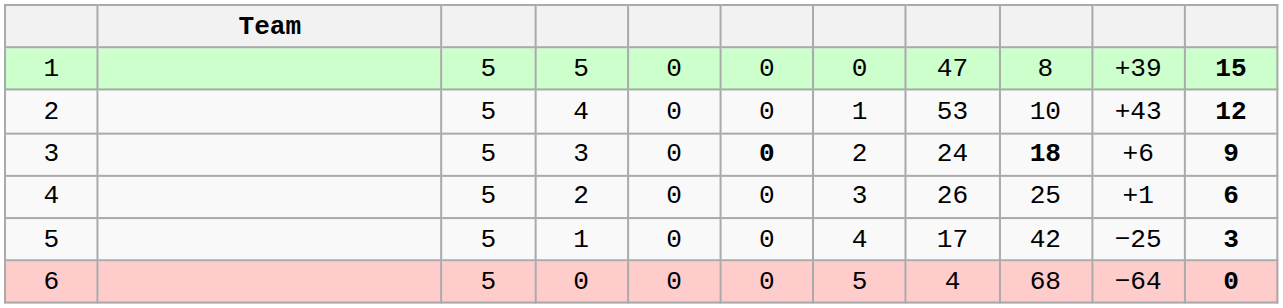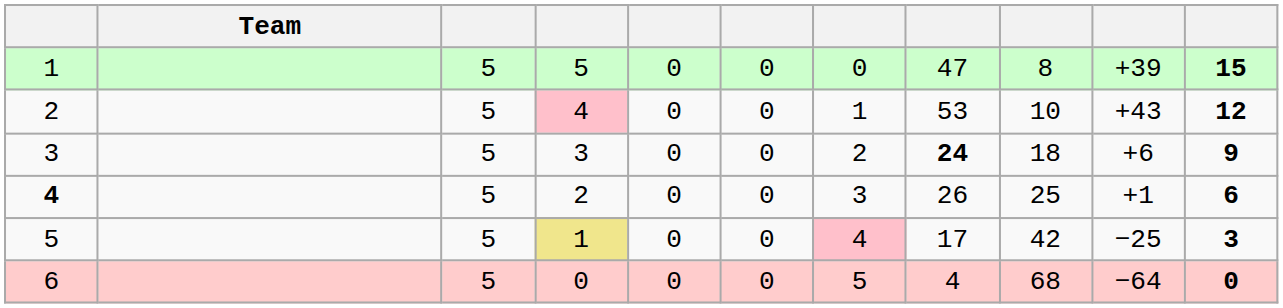 <table class="wikitable" style="text-align:center;">
 <tr>
 <th width=40></th>
 <th width=165>Team</th>
 <th width=40></th>
 <th width=40></th>
 <th width=40></th>
 <th width=40></th>
 <th width=40></th>
 <th width=40></th>
 <th width=40></th>
 <th width=40></th>
 <th width=40></th>
 </tr>
 <tr style="background:#ccffcc;">
 <td>1</td>
 <td align=left></td>
 <td>5</td>
 <td>5</td>
 <td>0</td>
 <td>0</td>
 <td>0</td>
 <td>47</td>
 <td>8</td>
 <td>+39</td>
 <td><strong>15</strong></td>
 </tr>
 <tr>
 <td>2</td>
 <td align=left></td>
 <td>5</td>
-<td>4</td>
+<td style="background: pink;">4</td>
 <td>0</td>
 <td>0</td>
 <td>1</td>
 <td>53</td>
 <td>10</td>
 <td>+43</td>
 <td><strong>12</strong></td>
 </tr>
 <tr>
 <td>3</td>
 <td align=left></td>
 <td>5</td>
 <td>3</td>
 <td>0</td>
-<td><strong>0</strong></td>
+<td>0</td>
 <td>2</td>
-<td>24</td>
-<td><strong>18</strong></td>
+<td><strong>24</strong></td>
+<td>18</td>
 <td>+6</td>
 <td><strong>9</strong></td>
 </tr>
 <tr>
-<td>4</td>
+<td><strong>4</strong></td>
 <td align=left></td>
 <td>5</td>
 <td>2</td>
 <td>0</td>
 <td>0</td>
 <td>3</td>
 <td>26</td>
 <td>25</td>
 <td>+1</td>
 <td><strong>6</strong></td>
 </tr>
 <tr>
 <td>5</td>
 <td align=left></td>
 <td>5</td>
-<td>1</td>
+<td style="background: khaki;">1</td>
 <td>0</td>
 <td>0</td>
-<td>4</td>
+<td style="background: pink;">4</td>
 <td>17</td>
 <td>42</td>
 <td>−25</td>
 <td><strong>3</strong></td>
 </tr>
 <tr style="background:#ffcccc;">
 <td>6</td>
 <td align=left></td>
 <td>5</td>
 <td>0</td>
 <td>0</td>
 <td>0</td>
 <td>5</td>
 <td>4</td>
 <td>68</td>
 <td>−64</td>
 <td><strong>0</strong></td>
 </tr>
 </table>
